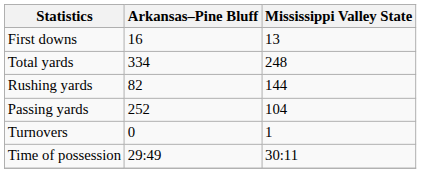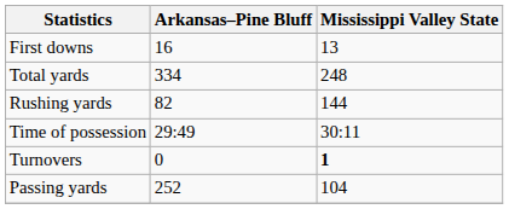 <table class="wikitable">
 <tr>
 <th>Statistics</th>
 <th>Arkansas–Pine Bluff</th>
 <th>Mississippi Valley State</th>
 </tr>
 <tr>
 <td>First downs</td>
 <td>16</td>
 <td>13</td>
 </tr>
 <tr>
 <td>Total yards</td>
 <td>334</td>
 <td>248</td>
 </tr>
 <tr>
 <td>Rushing yards</td>
 <td>82</td>
 <td>144</td>
 </tr>
 <tr>
+<td>Time of possession</td>
+<td>29:49</td>
+<td>30:11</td>
+</tr>
+<tr>
+<td>Turnovers</td>
+<td>0</td>
+<td><strong>1</strong></td>
+</tr>
+<tr>
 <td>Passing yards</td>
 <td>252</td>
 <td>104</td>
 </tr>
 <tr>
-<td>Turnovers</td>
-<td>0</td>
-<td>1</td>
-</tr>
-<tr>
-<td>Time of possession</td>
-<td>29:49</td>
-<td>30:11</td>
-</tr>
-<tr>
 </tr>
 </table>
